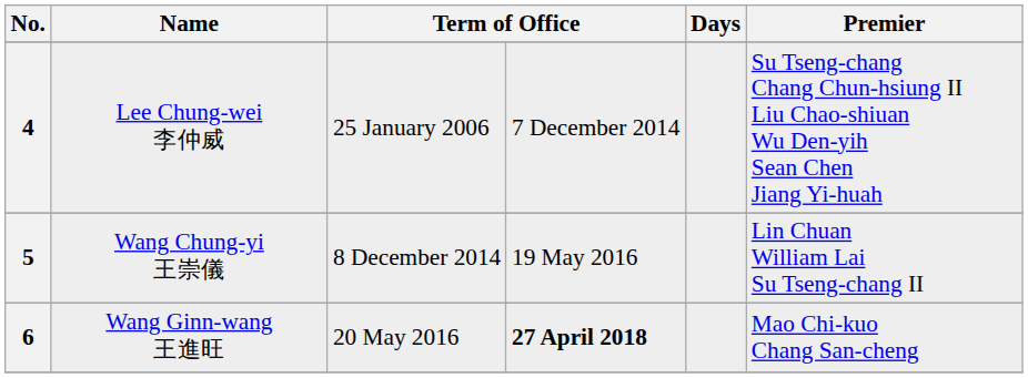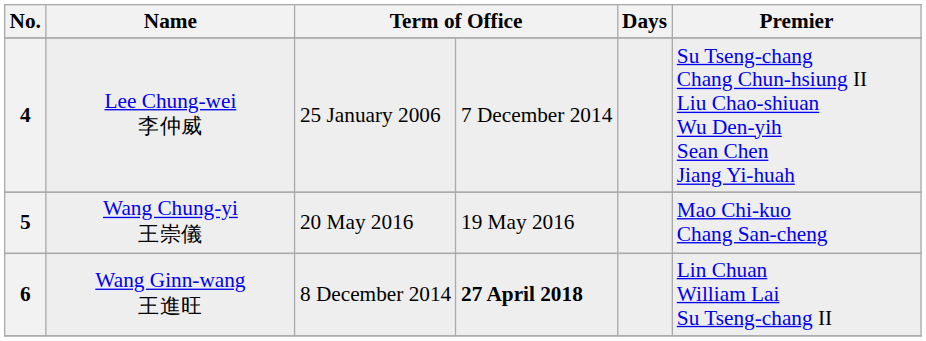 <table class="wikitable">
 <tr ->
 <th>No.</th>
 <th width="180">Name</th>
 <th colspan=2 width="180">Term of Office</th>
 <th>Days</th>
 <th width="180">Premier</th>
 </tr>
 <tr ->
 </tr>
 <tr - bgcolor=#EEEEEE>
 <th style="background:">4</th>
 <td align=center><a href='#'>Lee Chung-wei</a><br>李仲威</td>
 <td>25 January 2006</td>
 <td>7 December 2014</td>
 <td></td>
 <td><a href='#'>Su Tseng-chang</a><br><a href='#'>Chang Chun-hsiung</a> II<br><a href='#'>Liu Chao-shiuan</a><br><a href='#'>Wu Den-yih</a><br><a href='#'>Sean Chen</a><br><a href='#'>Jiang Yi-huah</a></td>
 </tr>
 <tr ->
 </tr>
 <tr - bgcolor=#EEEEEE>
 <th style="background:">5</th>
 <td align=center><a href='#'>Wang Chung-yi</a><br>王崇儀</td>
-<td>8 December 2014</td>
+<td>20 May 2016</td>
 <td>19 May 2016</td>
 <td></td>
-<td><a href='#'>Lin Chuan</a><br><a href='#'>William Lai</a><br><a href='#'>Su Tseng-chang</a> II</td>
+<td><a href='#'>Mao Chi-kuo</a><br><a href='#'>Chang San-cheng</a></td>
 </tr>
 <tr ->
 </tr>
 <tr - bgcolor=#EEEEEE>
 <th style="background:">6</th>
 <td align=center><a href='#'>Wang Ginn-wang</a><br>王進旺</td>
-<td>20 May 2016</td>
+<td>8 December 2014</td>
 <td><strong>27 April 2018</strong></td>
 <td></td>
-<td><a href='#'>Mao Chi-kuo</a><br><a href='#'>Chang San-cheng</a></td>
+<td><a href='#'>Lin Chuan</a><br><a href='#'>William Lai</a><br><a href='#'>Su Tseng-chang</a> II</td>
 </tr>
 <tr ->
 </tr>
 </table>
